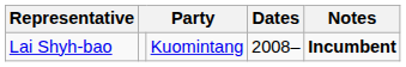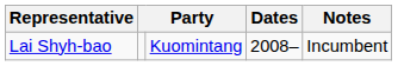 <table class=wikitable>
 <tr valign=bottom>
 <th>Representative</th>
 <th colspan="2">Party</th>
 <th>Dates</th>
 <th>Notes</th>
 </tr>
 <tr>
 <td><a href='#'>Lai Shyh-bao</a></td>
 <td></td>
 <td><a href='#'>Kuomintang</a></td>
 <td>2008–</td>
-<td><strong>Incumbent</strong></td>
+<td>Incumbent</td>
 </tr>
 </table>
